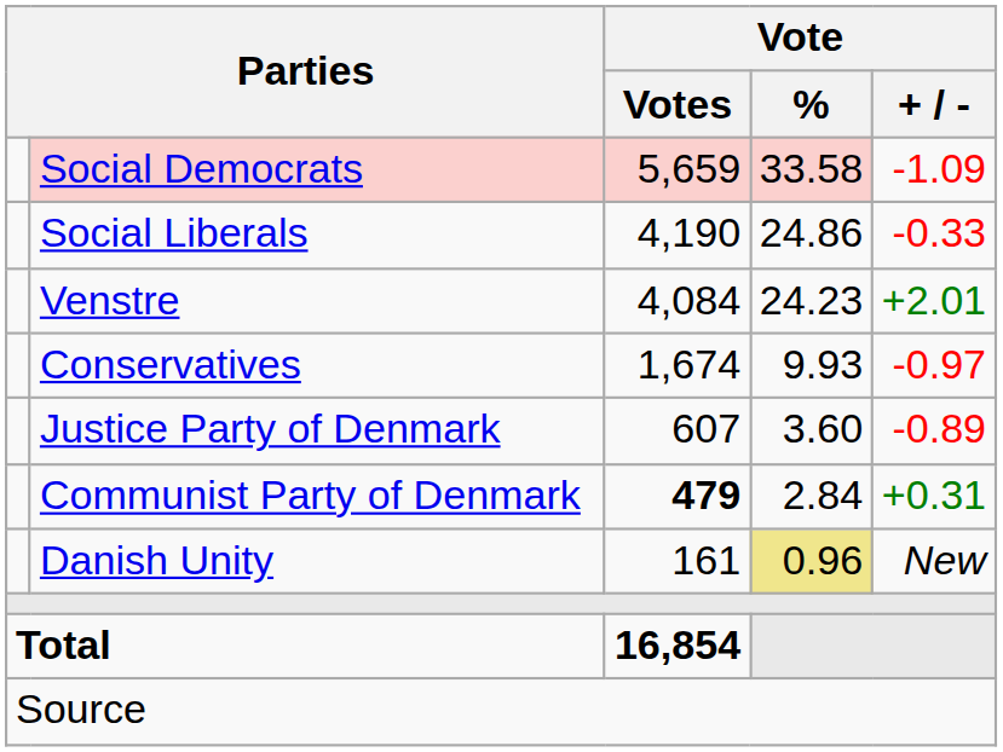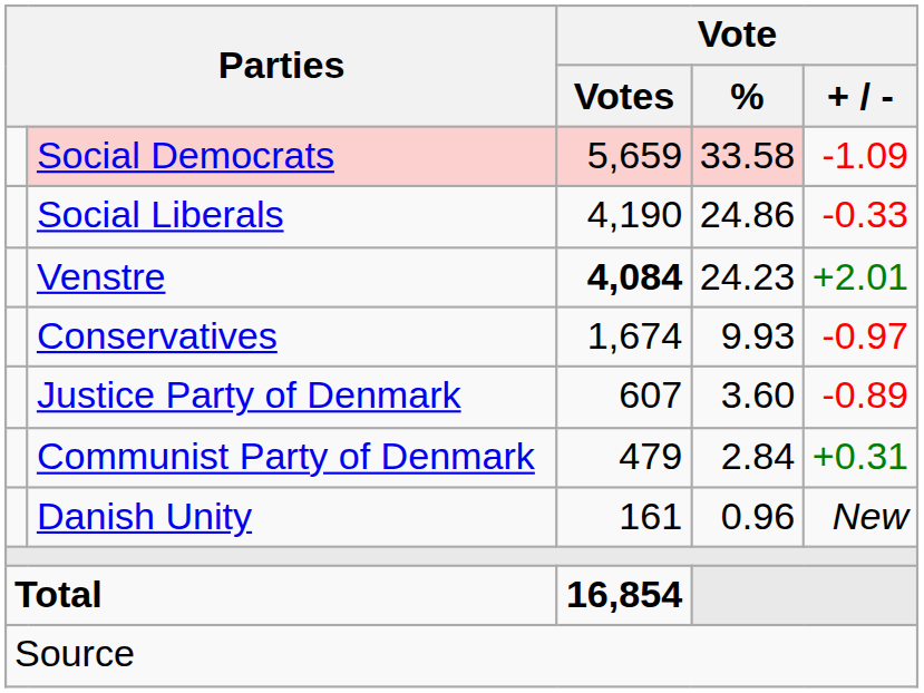 <table class="wikitable" style="text-align:right;">
 <tr>
 <th style="text-align:centre;" rowspan="2" colspan="2" width="225">Parties</th>
 <th colspan="3">Vote</th>
 </tr>
 <tr>
 <th width="15">Votes</th>
 <th width="15">%</th>
 <th width="15">+ / -</th>
 </tr>
 <tr>
 <td width="2" style="color:inherit;background:"></td>
 <td bgcolor=#fbd0ce  align="left"><a href='#'>Social Democrats</a></td>
 <td bgcolor=#fbd0ce>5,659</td>
 <td bgcolor=#fbd0ce>33.58</td>
 <td style=color:red;>-1.09</td>
 </tr>
 <tr>
 <td width="2" style="color:inherit;background:"></td>
 <td align="left"><a href='#'>Social Liberals</a></td>
 <td>4,190</td>
 <td>24.86</td>
 <td style=color:red;>-0.33</td>
 </tr>
 <tr>
 <td width="2" style="color:inherit;background:"></td>
 <td align="left"><a href='#'>Venstre</a></td>
-<td>4,084</td>
+<td><strong>4,084</strong></td>
 <td>24.23</td>
 <td style=color:green;>+2.01</td>
 </tr>
 <tr>
 <td width="2" style="color:inherit;background:"></td>
 <td align="left"><a href='#'>Conservatives</a></td>
 <td>1,674</td>
 <td>9.93</td>
 <td style=color:red;>-0.97</td>
 </tr>
 <tr>
 <td width="2" style="color:inherit;background:"></td>
 <td align="left"><a href='#'>Justice Party of Denmark</a></td>
 <td>607</td>
 <td>3.60</td>
 <td style=color:red;>-0.89</td>
 </tr>
 <tr>
 <td width="2" style="color:inherit;background:"></td>
 <td align="left"><a href='#'>Communist Party of Denmark</a></td>
-<td><strong>479</strong></td>
+<td>479</td>
 <td>2.84</td>
 <td style=color:green;>+0.31</td>
 </tr>
 <tr>
 <td width="2" style="color:inherit;background:"></td>
 <td align="left"><a href='#'>Danish Unity</a></td>
 <td>161</td>
-<td style="background: khaki;">0.96</td>
+<td>0.96</td>
 <td><em>New</em></td>
 </tr>
 <tr>
 <td colspan="7" bgcolor="#E9E9E9"></td>
 </tr>
 <tr>
 <td align="left" colspan="2"><strong>Total</strong></td>
 <td><strong>16,854</strong></td>
 <td bgcolor="#E9E9E9" colspan="2"></td>
 </tr>
 <tr>
 <td align="left" colspan="6">Source</td>
 </tr>
 </table>
